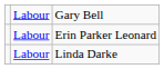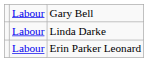 <table class="wikitable">
 <tr>
 <td></td>
 <td><a href='#'>Labour</a></td>
 <td>Gary Bell</td>
 </tr>
 <tr>
 <td></td>
 <td><a href='#'>Labour</a></td>
-<td>Erin Parker Leonard</td>
+<td>Linda Darke</td>
 </tr>
 <tr>
 <td></td>
 <td><a href='#'>Labour</a></td>
-<td>Linda Darke</td>
+<td>Erin Parker Leonard</td>
 </tr>
 </table>
